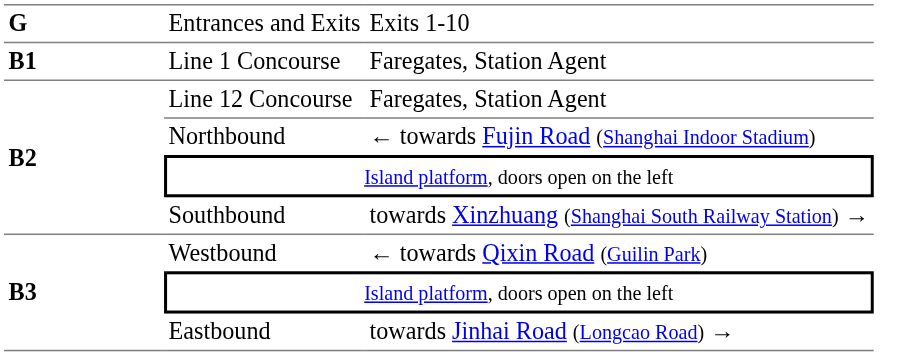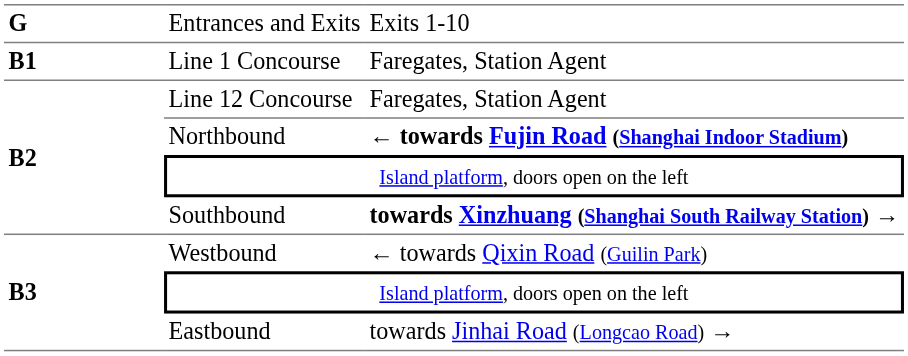 <table cellspacing=0 cellpadding=3>
 <tr>
 <td style="border-top:solid 1px gray;border-bottom:solid 1px gray;" width=100><strong>G</strong></td>
 <td style="border-top:solid 1px gray;border-bottom:solid 1px gray;">Entrances and Exits</td>
 <td style="border-top:solid 1px gray;border-bottom:solid 1px gray;">Exits 1-10</td>
 </tr>
 <tr>
 <td style="border-bottom:solid 1px gray;"><strong>B1</strong></td>
 <td style="border-bottom:solid 1px gray;">Line 1 Concourse</td>
 <td style="border-bottom:solid 1px gray;">Faregates, Station Agent</td>
 </tr>
 <tr>
 <td style="border-bottom:solid 1px gray;" rowspan=4><strong>B2</strong></td>
 <td style="border-bottom:solid 1px gray;">Line 12 Concourse</td>
 <td style="border-bottom:solid 1px gray;">Faregates, Station Agent</td>
 </tr>
 <tr>
 <td>Northbound</td>
-<td>←  towards <a href='#'>Fujin Road</a> <small>(<a href='#'>Shanghai Indoor Stadium</a>)</small></td>
+<td><strong>←  towards <a href='#'>Fujin Road</a> <small>(<a href='#'>Shanghai Indoor Stadium</a>)</small></strong></td>
 </tr>
 <tr>
 <td style="border-right:solid 2px black;border-left:solid 2px black;border-top:solid 2px black;border-bottom:solid 2px black;text-align:center;" colspan=2><small><a href='#'>Island platform</a>, doors open on the left</small></td>
 </tr>
 <tr>
 <td style="border-bottom:solid 1px gray;">Southbound</td>
-<td style="border-bottom:solid 1px gray;">  towards <a href='#'>Xinzhuang</a> <small>(<a href='#'>Shanghai South Railway Station</a>)</small> →</td>
+<td style="border-bottom:solid 1px gray;"><strong>  towards <a href='#'>Xinzhuang</a> <small>(<a href='#'>Shanghai South Railway Station</a>)</small> →</strong></td>
 </tr>
 <tr>
 <td style="border-bottom:solid 1px gray;" rowspan=3><strong>B3</strong></td>
 <td>Westbound</td>
 <td>←  towards <a href='#'>Qixin Road</a> <small>(<a href='#'>Guilin Park</a>)</small></td>
 </tr>
 <tr>
 <td style="border-right:solid 2px black;border-left:solid 2px black;border-top:solid 2px black;border-bottom:solid 2px black;text-align:center;" colspan=2><small><a href='#'>Island platform</a>, doors open on the left</small></td>
 </tr>
 <tr>
 <td style="border-bottom:solid 1px gray;">Eastbound</td>
 <td style="border-bottom:solid 1px gray;">  towards <a href='#'>Jinhai Road</a> <small>(<a href='#'>Longcao Road</a>)</small> →</td>
 </tr>
 </table>
